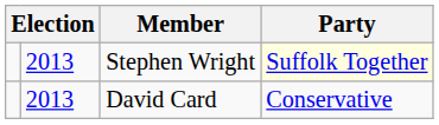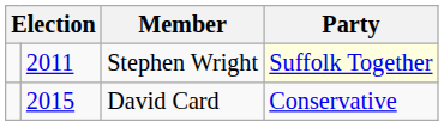 <table class="wikitable">
 <tr>
 <th colspan="2">Election</th>
 <th>Member</th>
 <th>Party</th>
 </tr>
 <tr>
 <td style="background-color: "></td>
-<td><a href='#'>2013</a></td>
+<td><a href='#'>2011</a></td>
 <td>Stephen Wright</td>
 <td style="background: lightyellow;"><a href='#'>Suffolk Together</a></td>
 </tr>
 <tr>
 <td style="background-color: "></td>
-<td><a href='#'>2013</a></td>
+<td><a href='#'>2015</a></td>
 <td>David Card</td>
 <td><a href='#'>Conservative</a></td>
 </tr>
 </table>
